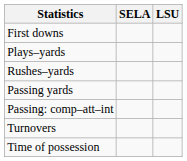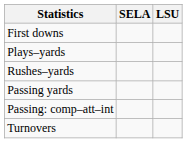 <table class="wikitable" style="float:left">
 <tr>
 <th>Statistics</th>
 <th>SELA</th>
 <th>LSU</th>
 </tr>
 <tr>
 <td>First downs</td>
 <td></td>
 <td></td>
 </tr>
 <tr>
 <td>Plays–yards</td>
 <td></td>
 <td></td>
 </tr>
 <tr>
 <td>Rushes–yards</td>
 <td></td>
 <td></td>
 </tr>
 <tr>
 <td>Passing yards</td>
 <td></td>
 <td></td>
 </tr>
 <tr>
 <td>Passing: comp–att–int</td>
 <td></td>
 <td></td>
 </tr>
 <tr>
 <td>Turnovers</td>
 <td></td>
 <td></td>
 </tr>
-<tr>
-<td>Time of possession</td>
-<td></td>
-<td></td>
-</tr>
 </table>
